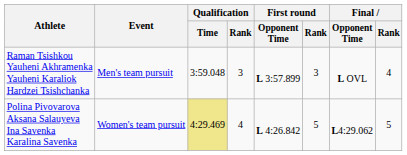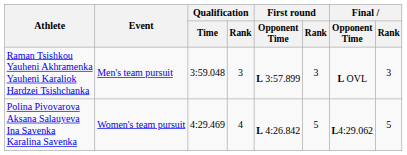 <table class="wikitable" style="text-align:center; font-size:90%">
 <tr>
 <th rowspan=2>Athlete</th>
 <th rowspan=2>Event</th>
 <th colspan=2>Qualification</th>
 <th colspan=2>First round</th>
 <th colspan=2>Final / </th>
 </tr>
 <tr style="font-size:95%">
 <th>Time</th>
 <th>Rank</th>
 <th>Opponent<br>Time</th>
 <th>Rank</th>
 <th>Opponent<br>Time</th>
 <th>Rank</th>
 </tr>
 <tr>
 <td align=left><a href='#'>Raman Tsishkou</a><br><a href='#'>Yauheni Akhramenka</a><br><a href='#'>Yauheni Karaliok</a><br><a href='#'>Hardzei Tsishchanka</a></td>
 <td align=left><a href='#'>Men's team pursuit</a></td>
 <td>3:59.048</td>
 <td>3</td>
 <td><br><strong>L</strong> 3:57.899</td>
 <td>3</td>
 <td><br><strong>L</strong> OVL</td>
-<td>4</td>
+<td>3</td>
 </tr>
 <tr>
 <td align=left><a href='#'>Polina Pivovarova</a><br><a href='#'>Aksana Salauyeva</a><br><a href='#'>Ina Savenka</a><br><a href='#'>Karalina Savenka</a></td>
 <td align=left><a href='#'>Women's team pursuit</a></td>
-<td style="background: khaki;">4:29.469</td>
+<td>4:29.469</td>
 <td>4</td>
 <td><br><strong>L</strong> 4:26.842</td>
 <td>5</td>
 <td><br><strong>L</strong>4:29.062</td>
 <td>5</td>
 </tr>
 </table>
